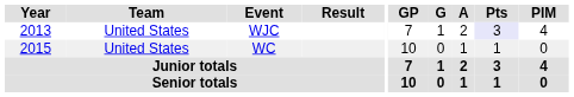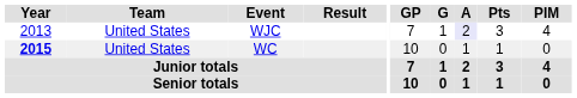 <table border="0" cellpadding="1" cellspacing="0" ID="Table3" style="text-align:center; width:40em">
 <tr ALIGN="center" bgcolor="#e0e0e0">
 <th>Year</th>
 <th>Team</th>
 <th>Event</th>
 <th>Result</th>
 <th rowspan="99" bgcolor="#ffffff"></th>
 <th>GP</th>
 <th>G</th>
 <th>A</th>
 <th>Pts</th>
 <th>PIM</th>
 </tr>
 <tr>
 <td><a href='#'>2013</a></td>
 <td><a href='#'>United States</a></td>
 <td><a href='#'>WJC</a></td>
 <td></td>
 <td>7</td>
 <td>1</td>
-<td>2</td>
-<td style="background: lavender;">3</td>
+<td style="background: lavender;">2</td>
+<td>3</td>
 <td>4</td>
 </tr>
 <tr bgcolor="#f0f0f0">
-<td><a href='#'>2015</a></td>
+<td><strong><a href='#'>2015</a></strong></td>
 <td><a href='#'>United States</a></td>
 <td><a href='#'>WC</a></td>
 <td></td>
 <td>10</td>
 <td>0</td>
 <td>1</td>
 <td>1</td>
 <td>0</td>
 </tr>
 <tr bgcolor="#e0e0e0">
 <th colspan=4>Junior totals</th>
 <th>7</th>
 <th>1</th>
 <th>2</th>
 <th>3</th>
 <th>4</th>
 </tr>
 <tr bgcolor="#e0e0e0">
 <th colspan=4>Senior totals</th>
 <th>10</th>
 <th>0</th>
 <th>1</th>
 <th>1</th>
 <th>0</th>
 </tr>
 </table>
